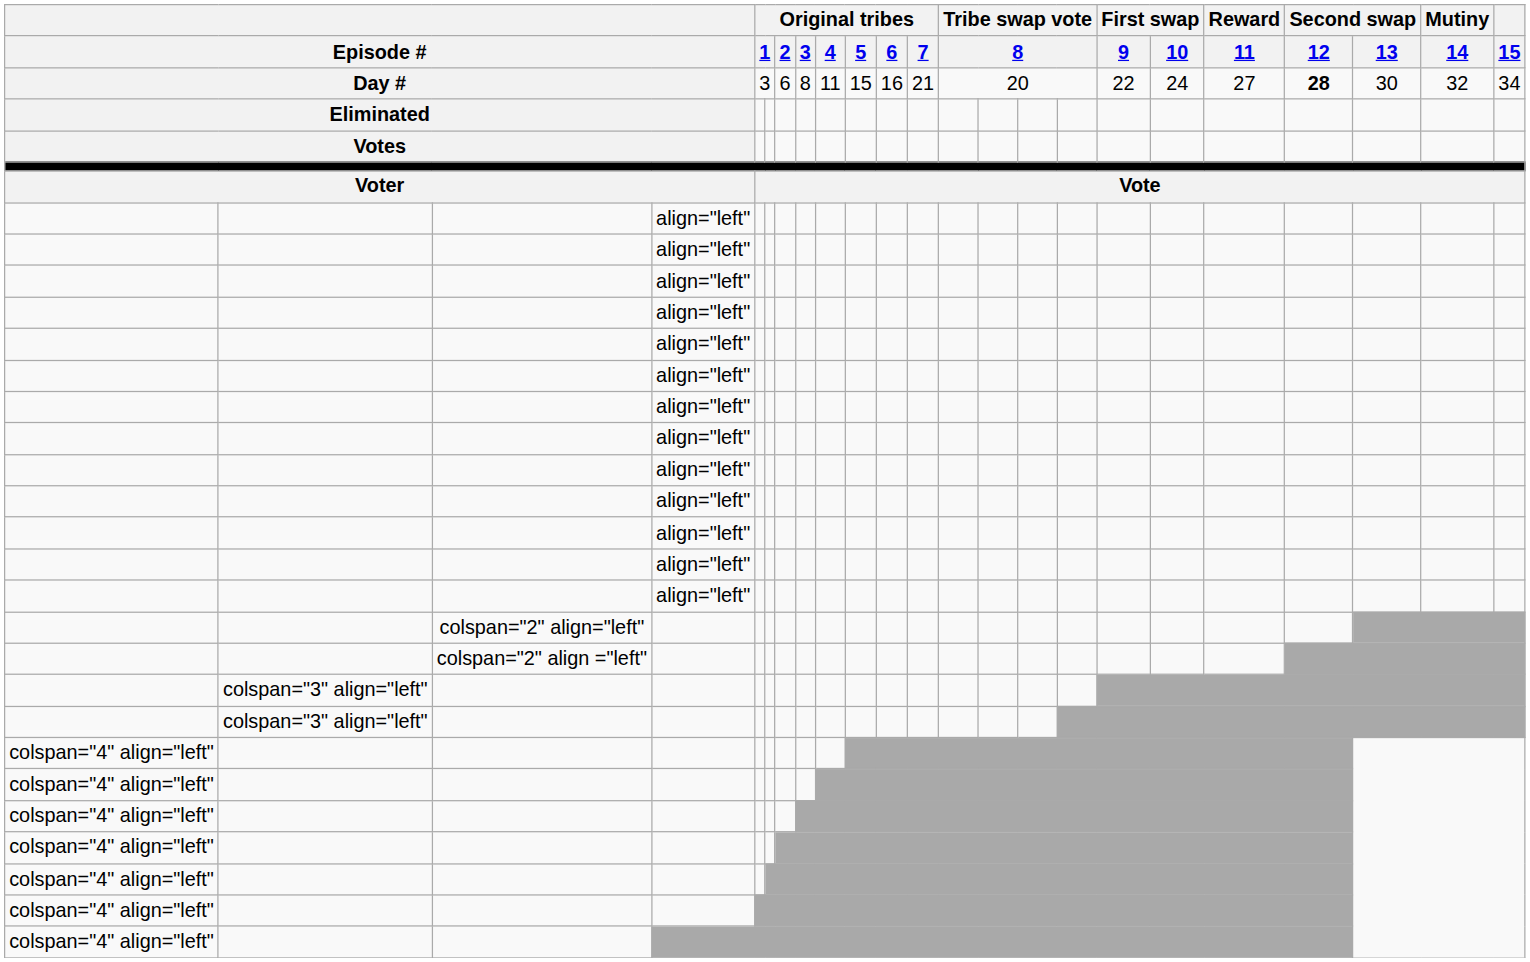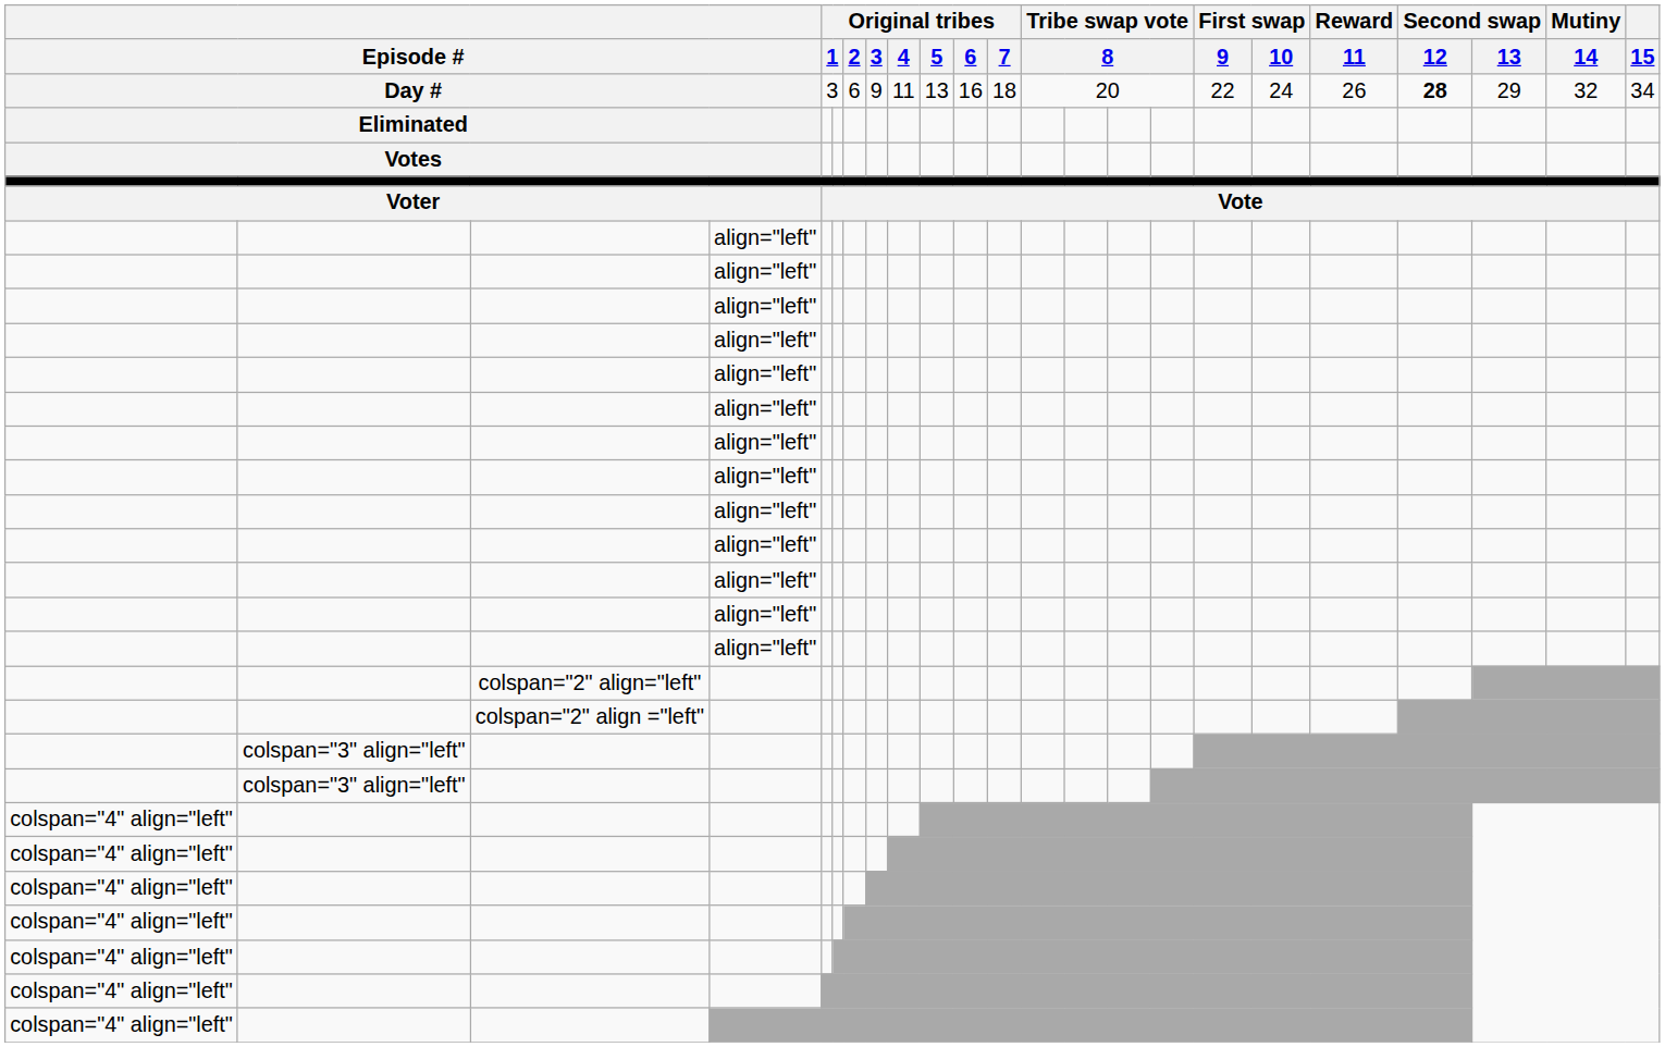 <table class="wikitable" style="text-align:center;">
 <tr>
 <th colspan="4"></th>
 <th colspan=8>Original tribes</th>
 <th colspan=4>Tribe swap vote</th>
 <th colspan=2>First swap</th>
 <th colspan=1>Reward</th>
 <th colspan=2>Second swap</th>
 <th colspan=1>Mutiny</th>
 <th colspan=1></th>
 </tr>
 <tr>
 <th colspan="4">Episode #</th>
 <th colspan=2><a href='#'>1</a></th>
 <th><a href='#'>2</a></th>
 <th><a href='#'>3</a></th>
 <th><a href='#'>4</a></th>
 <th><a href='#'>5</a></th>
 <th><a href='#'>6</a></th>
 <th><a href='#'>7</a></th>
 <th colspan=4><a href='#'>8</a></th>
 <th><a href='#'>9</a></th>
 <th><a href='#'>10</a></th>
 <th><a href='#'>11</a></th>
 <th><a href='#'>12</a></th>
 <th><a href='#'>13</a></th>
 <th><a href='#'>14</a></th>
 <th><a href='#'>15</a></th>
 </tr>
 <tr>
 <th colspan="4">Day #</th>
 <td colspan=2>3</td>
 <td>6</td>
-<td>8</td>
+<td>9</td>
 <td>11</td>
-<td>15</td>
+<td>13</td>
 <td>16</td>
-<td>21</td>
+<td>18</td>
 <td colspan=4>20</td>
 <td>22</td>
 <td>24</td>
-<td>27</td>
+<td>26</td>
 <td><strong>28</strong></td>
-<td>30</td>
+<td>29</td>
 <td>32</td>
 <td>34</td>
 </tr>
 <tr>
 <th colspan="4">Eliminated</th>
 <td></td>
 <td></td>
 <td></td>
 <td></td>
 <td></td>
 <td></td>
 <td></td>
 <td></td>
 <td></td>
 <td></td>
 <td></td>
 <td></td>
 <td></td>
 <td></td>
 <td></td>
 <td></td>
 <td></td>
 <td></td>
 <td></td>
 </tr>
 <tr>
 <th colspan="4">Votes</th>
 <td></td>
 <td></td>
 <td></td>
 <td></td>
 <td></td>
 <td></td>
 <td></td>
 <td></td>
 <td></td>
 <td></td>
 <td></td>
 <td></td>
 <td></td>
 <td></td>
 <td></td>
 <td></td>
 <td></td>
 <td></td>
 <td></td>
 </tr>
 <tr>
 <th colspan="24" style="background:black;"></th>
 </tr>
 <tr>
 <th colspan="4">Voter</th>
 <th colspan=24>Vote</th>
 </tr>
 <tr>
 <td></td>
 <td></td>
 <td></td>
 <td>align="left" </td>
 <td></td>
 <td></td>
 <td></td>
 <td></td>
 <td></td>
 <td></td>
 <td></td>
 <td></td>
 <td></td>
 <td></td>
 <td></td>
 <td></td>
 <td></td>
 <td></td>
 <td></td>
 <td></td>
 <td></td>
 <td></td>
 <td></td>
 </tr>
 <tr>
 <td></td>
 <td></td>
 <td></td>
 <td>align="left" </td>
 <td></td>
 <td></td>
 <td></td>
 <td></td>
 <td></td>
 <td></td>
 <td></td>
 <td></td>
 <td></td>
 <td></td>
 <td></td>
 <td></td>
 <td></td>
 <td></td>
 <td></td>
 <td></td>
 <td></td>
 <td></td>
 <td></td>
 </tr>
 <tr>
 <td></td>
 <td></td>
 <td></td>
 <td>align="left" </td>
 <td></td>
 <td></td>
 <td></td>
 <td></td>
 <td></td>
 <td></td>
 <td></td>
 <td></td>
 <td></td>
 <td></td>
 <td></td>
 <td></td>
 <td></td>
 <td></td>
 <td></td>
 <td></td>
 <td></td>
 <td></td>
 <td></td>
 </tr>
 <tr>
 <td></td>
 <td></td>
 <td></td>
 <td>align="left" </td>
 <td></td>
 <td></td>
 <td></td>
 <td></td>
 <td></td>
 <td></td>
 <td></td>
 <td></td>
 <td></td>
 <td></td>
 <td></td>
 <td></td>
 <td></td>
 <td></td>
 <td></td>
 <td></td>
 <td></td>
 <td></td>
 <td></td>
 </tr>
 <tr>
 <td></td>
 <td></td>
 <td></td>
 <td>align="left" </td>
 <td></td>
 <td></td>
 <td></td>
 <td></td>
 <td></td>
 <td></td>
 <td></td>
 <td></td>
 <td></td>
 <td></td>
 <td></td>
 <td></td>
 <td></td>
 <td></td>
 <td></td>
 <td></td>
 <td></td>
 <td></td>
 <td></td>
 </tr>
 <tr>
 <td></td>
 <td></td>
 <td></td>
 <td>align="left" </td>
 <td></td>
 <td></td>
 <td></td>
 <td></td>
 <td></td>
 <td></td>
 <td></td>
 <td></td>
 <td></td>
 <td></td>
 <td></td>
 <td></td>
 <td></td>
 <td></td>
 <td></td>
 <td></td>
 <td></td>
 <td></td>
 <td></td>
 </tr>
 <tr>
 <td></td>
 <td></td>
 <td></td>
 <td>align="left" </td>
 <td></td>
 <td></td>
 <td></td>
 <td></td>
 <td></td>
 <td></td>
 <td></td>
 <td></td>
 <td></td>
 <td></td>
 <td></td>
 <td></td>
 <td></td>
 <td></td>
 <td></td>
 <td></td>
 <td></td>
 <td></td>
 <td></td>
 </tr>
 <tr>
 <td></td>
 <td></td>
 <td></td>
 <td>align="left" </td>
 <td></td>
 <td></td>
 <td></td>
 <td></td>
 <td></td>
 <td></td>
 <td></td>
 <td></td>
 <td></td>
 <td></td>
 <td></td>
 <td></td>
 <td></td>
 <td></td>
 <td></td>
 <td></td>
 <td></td>
 <td></td>
 <td></td>
 </tr>
 <tr>
 <td></td>
 <td></td>
 <td></td>
 <td>align="left" </td>
 <td></td>
 <td></td>
 <td></td>
 <td></td>
 <td></td>
 <td></td>
 <td></td>
 <td></td>
 <td></td>
 <td></td>
 <td></td>
 <td></td>
 <td></td>
 <td></td>
 <td></td>
 <td></td>
 <td></td>
 <td></td>
 <td></td>
 </tr>
 <tr>
 <td></td>
 <td></td>
 <td></td>
 <td>align="left" </td>
 <td></td>
 <td></td>
 <td></td>
 <td></td>
 <td></td>
 <td></td>
 <td></td>
 <td></td>
 <td></td>
 <td></td>
 <td></td>
 <td></td>
 <td></td>
 <td></td>
 <td></td>
 <td></td>
 <td></td>
 <td></td>
 <td></td>
 </tr>
 <tr>
 <td></td>
 <td></td>
 <td></td>
 <td>align="left" </td>
 <td></td>
 <td></td>
 <td></td>
 <td></td>
 <td></td>
 <td></td>
 <td></td>
 <td></td>
 <td></td>
 <td></td>
 <td></td>
 <td></td>
 <td></td>
 <td></td>
 <td></td>
 <td></td>
 <td></td>
 <td></td>
 <td></td>
 </tr>
 <tr>
 <td></td>
 <td></td>
 <td></td>
 <td>align="left" </td>
 <td></td>
 <td></td>
 <td></td>
 <td></td>
 <td></td>
 <td></td>
 <td></td>
 <td></td>
 <td></td>
 <td></td>
 <td></td>
 <td></td>
 <td></td>
 <td></td>
 <td></td>
 <td></td>
 <td></td>
 <td></td>
 <td></td>
 </tr>
 <tr>
 <td></td>
 <td></td>
 <td></td>
 <td>align="left" </td>
 <td></td>
 <td></td>
 <td></td>
 <td></td>
 <td></td>
 <td></td>
 <td></td>
 <td></td>
 <td></td>
 <td></td>
 <td></td>
 <td></td>
 <td></td>
 <td></td>
 <td></td>
 <td></td>
 <td></td>
 <td></td>
 <td></td>
 </tr>
 <tr>
 <td></td>
 <td></td>
 <td>colspan="2" align="left" </td>
 <td></td>
 <td></td>
 <td></td>
 <td></td>
 <td></td>
 <td></td>
 <td></td>
 <td></td>
 <td></td>
 <td></td>
 <td></td>
 <td></td>
 <td></td>
 <td></td>
 <td></td>
 <td></td>
 <td></td>
 <td colspan="4" style="background:darkgrey;"></td>
 </tr>
 <tr>
 <td></td>
 <td></td>
 <td>colspan="2" align ="left" </td>
 <td></td>
 <td></td>
 <td></td>
 <td></td>
 <td></td>
 <td></td>
 <td></td>
 <td></td>
 <td></td>
 <td></td>
 <td></td>
 <td></td>
 <td></td>
 <td></td>
 <td></td>
 <td></td>
 <td colspan="5" style="background:darkgrey;"></td>
 </tr>
 <tr>
 <td></td>
 <td>colspan="3" align="left" </td>
 <td></td>
 <td></td>
 <td></td>
 <td></td>
 <td></td>
 <td></td>
 <td></td>
 <td></td>
 <td></td>
 <td></td>
 <td></td>
 <td></td>
 <td></td>
 <td></td>
 <td colspan="7" style="background:darkgrey;"></td>
 </tr>
 <tr>
 <td></td>
 <td>colspan="3" align="left" </td>
 <td></td>
 <td></td>
 <td></td>
 <td></td>
 <td></td>
 <td></td>
 <td></td>
 <td></td>
 <td></td>
 <td></td>
 <td></td>
 <td></td>
 <td></td>
 <td colspan="8" style="background:darkgrey;"></td>
 </tr>
 <tr>
 <td>colspan="4" align="left" </td>
 <td></td>
 <td></td>
 <td></td>
 <td></td>
 <td></td>
 <td></td>
 <td></td>
 <td></td>
 <td colspan="11" style="background:darkgrey;"></td>
 </tr>
 <tr>
 <td>colspan="4" align="left" </td>
 <td></td>
 <td></td>
 <td></td>
 <td></td>
 <td></td>
 <td></td>
 <td></td>
 <td colspan="12" style="background:darkgrey;"></td>
 </tr>
 <tr>
 <td>colspan="4" align="left" </td>
 <td></td>
 <td></td>
 <td></td>
 <td></td>
 <td></td>
 <td></td>
 <td colspan="13" style="background:darkgrey;"></td>
 </tr>
 <tr>
 <td>colspan="4" align="left" </td>
 <td></td>
 <td></td>
 <td></td>
 <td></td>
 <td></td>
 <td colspan="14" style="background:darkgrey;"></td>
 </tr>
 <tr>
 <td>colspan="4" align="left" </td>
 <td></td>
 <td></td>
 <td></td>
 <td></td>
 <td colspan="15" style="background:darkgrey;"></td>
 </tr>
 <tr>
 <td>colspan="4" align="left" </td>
 <td></td>
 <td></td>
 <td></td>
 <td colspan="16" style="background:darkgrey;"></td>
 </tr>
 <tr>
 <td>colspan="4" align="left" </td>
 <td></td>
 <td></td>
 <td colspan="17" style="background:darkgrey;"></td>
 </tr>
 <tr>
 </tr>
 </table>
